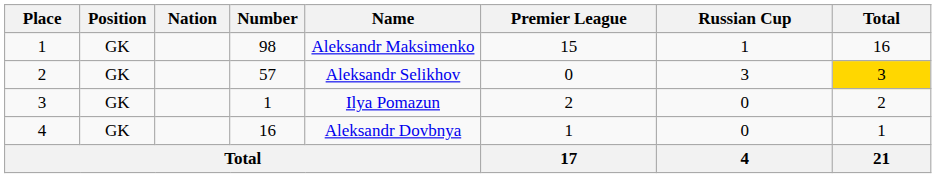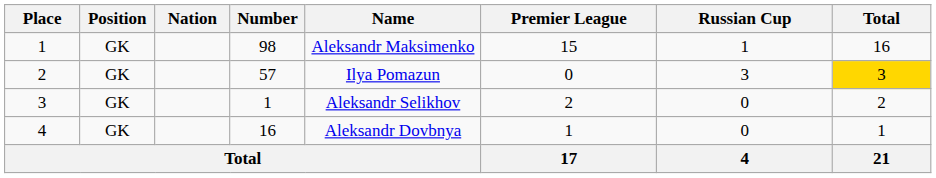 <table class="wikitable" style="font-size: 95%; text-align: center;">
 <tr>
 <th width=60>Place</th>
 <th width=60>Position</th>
 <th width=60>Nation</th>
 <th width=60>Number</th>
 <th width=150>Name</th>
 <th width=150>Premier League</th>
 <th width=150>Russian Cup</th>
 <th width=80>Total</th>
 </tr>
 <tr>
 <td>1</td>
 <td>GK</td>
 <td></td>
 <td>98</td>
 <td><a href='#'>Aleksandr Maksimenko</a></td>
 <td>15</td>
 <td>1</td>
 <td>16</td>
 </tr>
 <tr>
 <td>2</td>
 <td>GK</td>
 <td></td>
 <td>57</td>
-<td><a href='#'>Aleksandr Selikhov</a></td>
+<td><a href='#'>Ilya Pomazun</a></td>
 <td>0</td>
 <td>3</td>
 <td style="background: gold;">3</td>
 </tr>
 <tr>
 <td>3</td>
 <td>GK</td>
 <td></td>
 <td>1</td>
-<td><a href='#'>Ilya Pomazun</a></td>
+<td><a href='#'>Aleksandr Selikhov</a></td>
 <td>2</td>
 <td>0</td>
 <td>2</td>
 </tr>
 <tr>
 <td>4</td>
 <td>GK</td>
 <td></td>
 <td>16</td>
 <td><a href='#'>Aleksandr Dovbnya</a></td>
 <td>1</td>
 <td>0</td>
 <td>1</td>
 </tr>
 <tr>
 <th colspan=5>Total</th>
 <th>17</th>
 <th>4</th>
 <th>21</th>
 </tr>
 </table>
